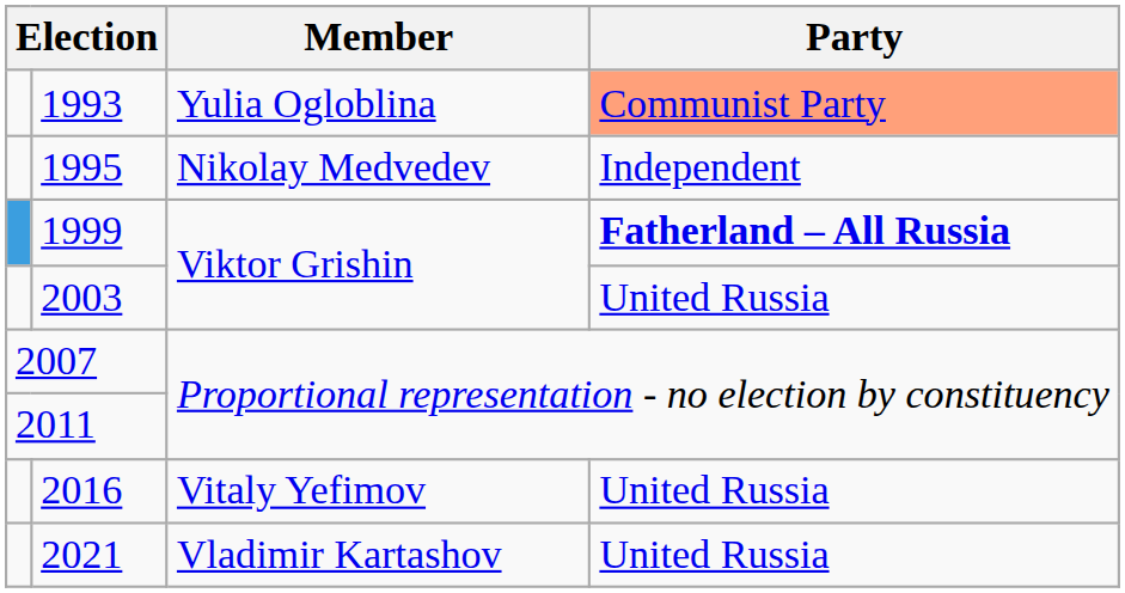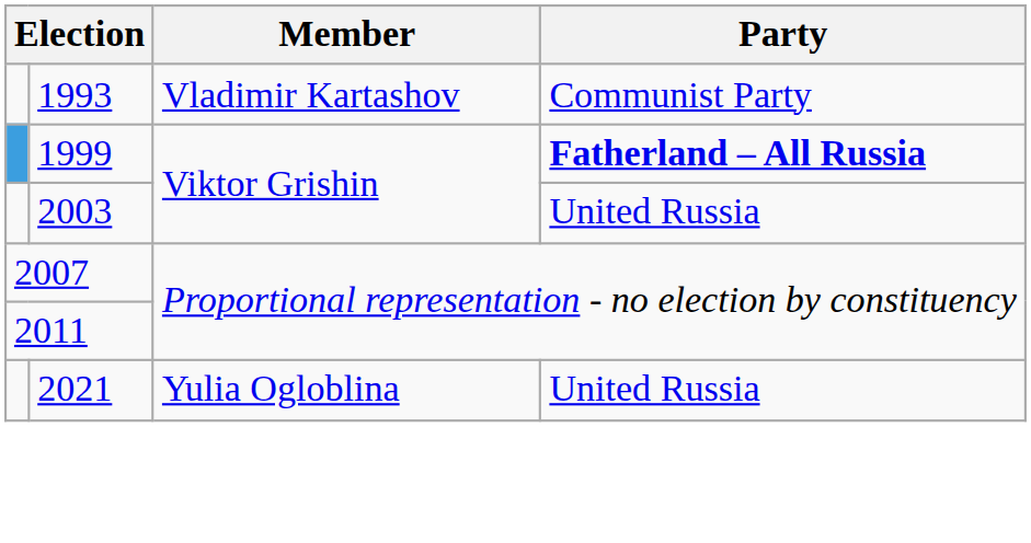 <table class="wikitable">
 <tr>
 <th colspan="2">Election</th>
 <th>Member</th>
 <th>Party</th>
 </tr>
 <tr>
 <td style="background-color: "></td>
 <td><a href='#'>1993</a></td>
-<td><a href='#'>Yulia Ogloblina</a></td>
-<td style="background: lightsalmon;"><a href='#'>Communist Party</a></td>
-</tr>
-<tr>
-<td style="background-color:"></td>
-<td><a href='#'>1995</a></td>
-<td><a href='#'>Nikolay Medvedev</a></td>
-<td><a href='#'>Independent</a></td>
+<td><a href='#'>Vladimir Kartashov</a></td>
+<td><a href='#'>Communist Party</a></td>
 </tr>
 <tr>
 <td style="background-color:#3B9EDF"></td>
 <td><a href='#'>1999</a></td>
 <td rowspan=2><a href='#'>Viktor Grishin</a></td>
 <td><strong><a href='#'>Fatherland – All Russia</a></strong></td>
 </tr>
 <tr>
 <td style="background-color:"></td>
 <td><a href='#'>2003</a></td>
 <td><a href='#'>United Russia</a></td>
 </tr>
 <tr>
 <td colspan=2><a href='#'>2007</a></td>
 <td colspan=2 rowspan=2><em><a href='#'>Proportional representation</a> - no election by constituency</em></td>
 </tr>
 <tr>
 <td colspan=2><a href='#'>2011</a></td>
 </tr>
 <tr>
 <td style="background-color: "></td>
-<td><a href='#'>2016</a></td>
-<td><a href='#'>Vitaly Yefimov</a></td>
-<td><a href='#'>United Russia</a></td>
-</tr>
-<tr>
-<td style="background-color: "></td>
 <td><a href='#'>2021</a></td>
-<td><a href='#'>Vladimir Kartashov</a></td>
+<td><a href='#'>Yulia Ogloblina</a></td>
 <td><a href='#'>United Russia</a></td>
 </tr>
 </table>
